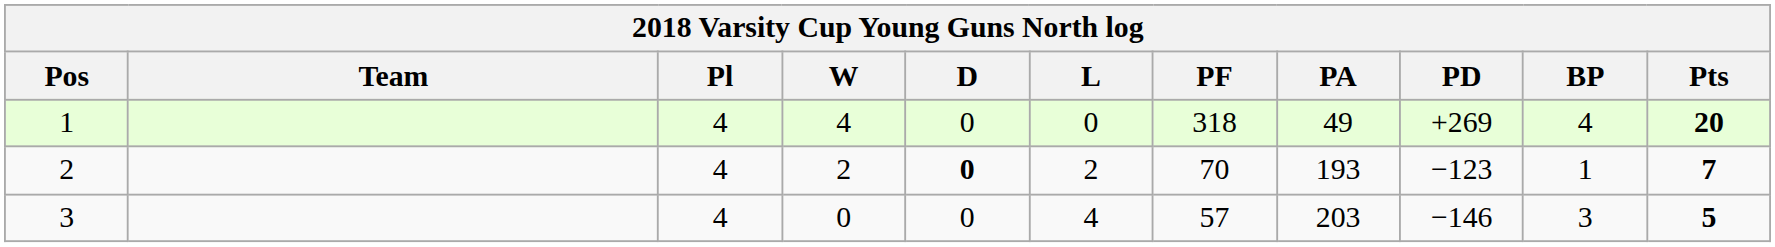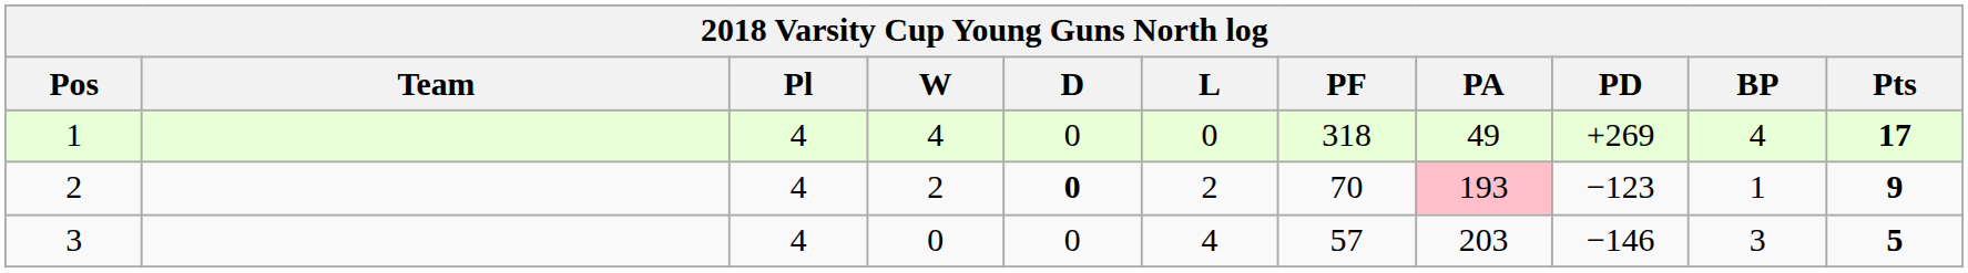 <table class="wikitable" style="text-align:center; font-size:100%; width:60%;">
 <tr>
 <th colspan="100%" cellpadding="0" cellspacing="0"><strong>2018 Varsity Cup Young Guns North log</strong></th>
 </tr>
 <tr>
 <th style="width:7%;">Pos</th>
 <th style="width:30%;">Team</th>
 <th style="width:7%;">Pl</th>
 <th style="width:7%;">W</th>
 <th style="width:7%;">D</th>
 <th style="width:7%;">L</th>
 <th style="width:7%;">PF</th>
 <th style="width:7%;">PA</th>
 <th style="width:7%;">PD</th>
 <th style="width:7%;">BP</th>
 <th style="width:7%;">Pts<br></th>
 </tr>
 <tr style="background:#E8FFD8;">
 <td>1</td>
 <td align=left></td>
 <td>4</td>
 <td>4</td>
 <td>0</td>
 <td>0</td>
 <td>318</td>
 <td>49</td>
 <td>+269</td>
 <td>4</td>
-<td><strong>20</strong></td>
+<td><strong>17</strong></td>
 </tr>
 <tr>
 <td>2</td>
 <td align=left></td>
 <td>4</td>
 <td>2</td>
 <td><strong>0</strong></td>
 <td>2</td>
 <td>70</td>
-<td>193</td>
+<td style="background: pink;">193</td>
 <td>−123</td>
 <td>1</td>
-<td><strong>7</strong></td>
+<td><strong>9</strong></td>
 </tr>
 <tr>
 <td>3</td>
 <td align=left></td>
 <td>4</td>
 <td>0</td>
 <td>0</td>
 <td>4</td>
 <td>57</td>
 <td>203</td>
 <td>−146</td>
 <td>3</td>
 <td><strong>5</strong></td>
 </tr>
 </table>
